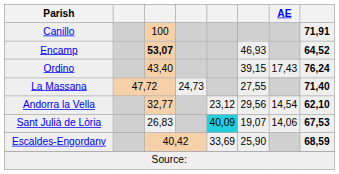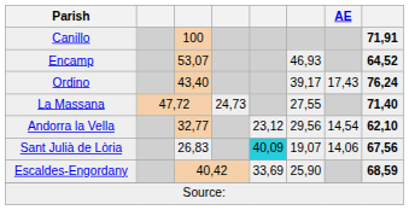 <table class="wikitable sortable" style="text-align:center; font-size:85%; line-height:18px;">
 <tr>
 <th style="width:139px;">Parish</th>
 <th style="width:35px;"></th>
 <th style="width:35px;"></th>
 <th style="width:35px;"></th>
 <th style="width:35px;"></th>
 <th style="width:35px;"></th>
 <th style="width:35px;"><a href='#'>AE</a></th>
 <th style="width:39px;"><small></small></th>
 </tr>
 <tr style="background:#EFEFEF;">
 <td><a href='#'>Canillo</a></td>
 <td style="background:#D0D0D0"></td>
 <td style="background:#F5D0A9">100</td>
 <td style="background:#D0D0D0"></td>
 <td style="background:#D0D0D0"></td>
 <td style="background:#D0D0D0"></td>
 <td style="background:#D0D0D0"></td>
 <td><strong>71,91</strong></td>
 </tr>
 <tr style="background:#EFEFEF;">
 <td><a href='#'>Encamp</a></td>
 <td style="background:#D0D0D0"></td>
-<td style="background:#F5D0A9"><strong>53,07</strong></td>
+<td style="background:#F5D0A9">53,07</td>
 <td style="background:#D0D0D0"></td>
 <td style="background:#D0D0D0"></td>
 <td>46,93</td>
 <td style="background:#D0D0D0"></td>
 <td><strong>64,52</strong></td>
 </tr>
 <tr style="background:#EFEFEF;">
 <td><a href='#'>Ordino</a></td>
 <td style="background:#D0D0D0"></td>
 <td style="background:#F5D0A9">43,40</td>
 <td style="background:#D0D0D0"></td>
 <td style="background:#D0D0D0"></td>
-<td>39,15</td>
+<td>39,17</td>
 <td>17,43</td>
 <td><strong>76,24</strong></td>
 </tr>
 <tr style="background:#EFEFEF;">
 <td><a href='#'>La Massana</a></td>
 <td colspan=2 style="background:#F5D0A9">47,72</td>
 <td>24,73</td>
 <td style="background:#D0D0D0"></td>
 <td>27,55</td>
 <td style="background:#D0D0D0"></td>
 <td><strong>71,40</strong></td>
 </tr>
 <tr style="background:#EFEFEF;">
 <td><a href='#'>Andorra la Vella</a></td>
 <td style="background:#D0D0D0"></td>
 <td style="background:#F5D0A9">32,77</td>
 <td style="background:#D0D0D0"></td>
 <td>23,12</td>
 <td>29,56</td>
 <td>14,54</td>
 <td><strong>62,10</strong></td>
 </tr>
 <tr style="background:#EFEFEF;">
 <td><a href='#'>Sant Julià de Lòria</a></td>
 <td style="background:#D0D0D0"></td>
 <td>26,83</td>
 <td style="background:#D0D0D0"></td>
 <td style="background:#24CEDD">40,09</td>
 <td>19,07</td>
 <td>14,06</td>
-<td><strong>67,53</strong></td>
+<td><strong>67,56</strong></td>
 </tr>
 <tr style="background:#EFEFEF;">
 <td><a href='#'>Escaldes-Engordany</a></td>
 <td style="background:#D0D0D0"></td>
 <td colspan=2 style="background:#F5D0A9">40,42</td>
 <td>33,69</td>
 <td>25,90</td>
 <td style="background:#D0D0D0"></td>
 <td><strong>68,59</strong></td>
 </tr>
 <tr>
 </tr>
 <tr style="background:#EFEFEF;">
 <td colspan="16">Source: </td>
 </tr>
 </table>
